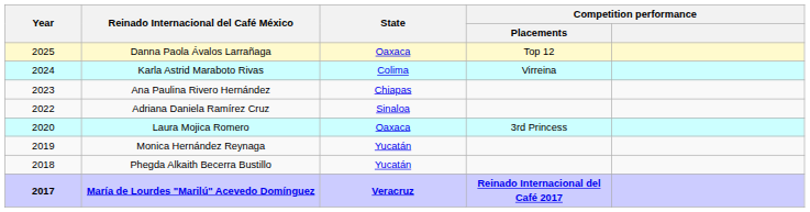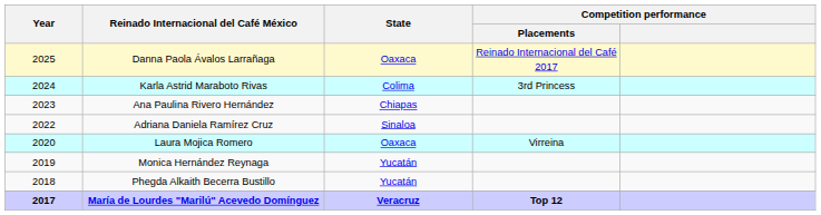 <table class="wikitable" style="text-align:center; line-height:20px; font-size:90%; width:90%;">
 <tr>
 <th rowspan="2"  width=60px>Year</th>
 <th rowspan="2"  width=200px>Reinado Internacional del Café México</th>
 <th rowspan="2"  width=120px>State</th>
 <th colspan="2"  width=200px>Competition performance</th>
 </tr>
 <tr>
 <th width=120px>Placements</th>
 <th width=160px></th>
 </tr>
 <tr style="background-color:#FFFACD">
 <td>2025</td>
 <td>Danna Paola Ávalos Larrañaga</td>
 <td><a href='#'>Oaxaca</a></td>
-<td>Top 12</td>
+<td><a href='#'>Reinado Internacional del Café 2017</a></td>
 <td></td>
 </tr>
 <tr style="background-color:#ccffff">
 <td>2024</td>
 <td>Karla Astrid Maraboto Rivas</td>
 <td><a href='#'>Colima</a></td>
-<td>Virreina</td>
+<td>3rd Princess</td>
 <td></td>
 </tr>
 <tr>
 <td>2023</td>
 <td>Ana Paulina Rivero Hernández</td>
 <td><a href='#'>Chiapas</a></td>
 <td></td>
 <td></td>
 </tr>
 <tr>
 <td>2022</td>
 <td>Adriana Daniela Ramírez Cruz</td>
 <td><a href='#'>Sinaloa</a></td>
 <td></td>
 <td></td>
 </tr>
 <tr style="background-color:#ccffff">
 <td>2020</td>
 <td>Laura Mojica Romero</td>
 <td><a href='#'>Oaxaca</a></td>
-<td>3rd Princess</td>
+<td>Virreina</td>
 <td></td>
 </tr>
 <tr>
 <td>2019</td>
 <td>Monica Hernández Reynaga</td>
 <td><a href='#'>Yucatán</a></td>
 <td></td>
 <td></td>
 </tr>
 <tr>
 <td>2018</td>
 <td>Phegda Alkaith Becerra Bustillo</td>
 <td><a href='#'>Yucatán</a></td>
 <td></td>
 <td></td>
 </tr>
 <tr style="background-color:#ccccff; font-weight: bold">
 <td>2017</td>
 <td><a href='#'>María de Lourdes "Marilú" Acevedo Domínguez</a></td>
 <td><a href='#'>Veracruz</a></td>
-<td><a href='#'>Reinado Internacional del Café 2017</a></td>
+<td>Top 12</td>
 <td></td>
 </tr>
 </table>
